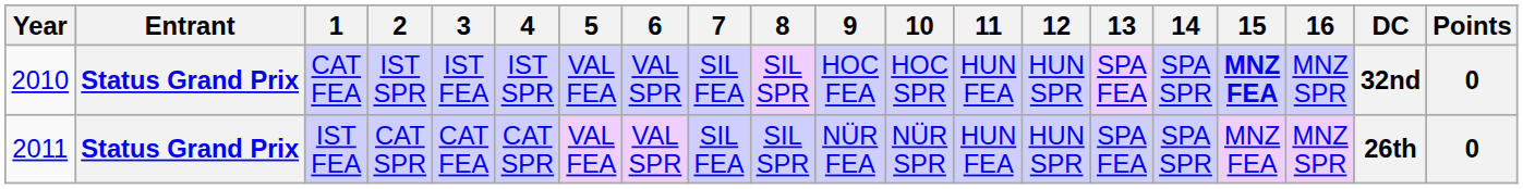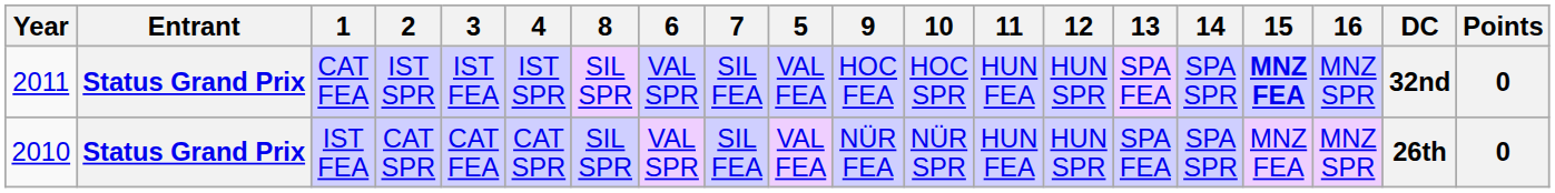 <table class="wikitable" style="text-align:center; font-size:85%">
 <tr>
 <th>Year</th>
 <th>Entrant</th>
 <th>1</th>
 <th>2</th>
 <th>3</th>
 <th>4</th>
-<th>5</th>
+<th>8</th>
 <th>6</th>
 <th>7</th>
-<th>8</th>
+<th>5</th>
 <th>9</th>
 <th>10</th>
 <th>11</th>
 <th>12</th>
 <th>13</th>
 <th>14</th>
 <th>15</th>
 <th>16</th>
 <th>DC</th>
 <th>Points</th>
 </tr>
 <tr>
-<td><a href='#'>2010</a></td>
+<td><a href='#'>2011</a></td>
 <th nowrap><a href='#'>Status Grand Prix</a></th>
 <td style="background:#CFCFFF;"><a href='#'>CAT<br>FEA</a><br></td>
 <td style="background:#cfcfff;"><a href='#'>IST<br>SPR</a><br></td>
 <td style="background:#CFCFFF;"><a href='#'>IST<br>FEA</a><br></td>
 <td style="background:#CFCFFF;"><a href='#'>IST<br>SPR</a><br></td>
-<td style="background:#CFCFFF;"><a href='#'>VAL<br>FEA</a><br></td>
+<td style="background:#efcfff;"><a href='#'>SIL<br>SPR</a><br></td>
 <td style="background:#CFCFFF;"><a href='#'>VAL<br>SPR</a><br></td>
 <td style="background:#CFCFFF;"><a href='#'>SIL<br>FEA</a><br></td>
-<td style="background:#efcfff;"><a href='#'>SIL<br>SPR</a><br></td>
+<td style="background:#CFCFFF;"><a href='#'>VAL<br>FEA</a><br></td>
 <td style="background:#CFCFFF;"><a href='#'>HOC<br>FEA</a><br></td>
 <td style="background:#CFCFFF;"><a href='#'>HOC<br>SPR</a><br></td>
 <td style="background:#CFCFFF;"><a href='#'>HUN<br>FEA</a><br></td>
 <td style="background:#CFCFFF;"><a href='#'>HUN<br>SPR</a><br></td>
 <td style="background:#efcfff;"><a href='#'>SPA<br>FEA</a><br></td>
 <td style="background:#CFCFFF;"><a href='#'>SPA<br>SPR</a><br></td>
 <td style="background:#CFCFFF;"><strong><a href='#'>MNZ<br>FEA</a><br></strong></td>
 <td style="background:#CFCFFF;"><a href='#'>MNZ<br>SPR</a><br></td>
 <th>32nd</th>
 <th>0</th>
 </tr>
 <tr>
-<td><a href='#'>2011</a></td>
+<td><a href='#'>2010</a></td>
 <th nowrap><a href='#'>Status Grand Prix</a></th>
 <td style="background:#CFCFFF;"><a href='#'>IST<br>FEA</a><br></td>
 <td style="background:#CFCFFF;"><a href='#'>CAT<br>SPR</a><br></td>
 <td style="background:#cfcfff;"><a href='#'>CAT<br>FEA</a><br></td>
 <td style="background:#cfcfff;"><a href='#'>CAT<br>SPR</a><br></td>
-<td style="background:#efcfff;"><a href='#'>VAL<br>FEA</a><br></td>
+<td style="background:#CFCFFF;"><a href='#'>SIL<br>SPR</a><br></td>
 <td style="background:#efcfff;"><a href='#'>VAL<br>SPR</a><br></td>
 <td style="background:#CFCFFF;"><a href='#'>SIL<br>FEA</a><br></td>
-<td style="background:#CFCFFF;"><a href='#'>SIL<br>SPR</a><br></td>
+<td style="background:#efcfff;"><a href='#'>VAL<br>FEA</a><br></td>
 <td style="background:#CFCFFF;"><a href='#'>NÜR<br>FEA</a><br></td>
 <td style="background:#CFCFFF;"><a href='#'>NÜR<br>SPR</a><br></td>
 <td style="background:#CFCFFF;"><a href='#'>HUN<br>FEA</a><br></td>
 <td style="background:#CFCFFF;"><a href='#'>HUN<br>SPR</a><br></td>
 <td style="background:#CFCFFF;"><a href='#'>SPA<br>FEA</a><br></td>
 <td style="background:#CFCFFF;"><a href='#'>SPA<br>SPR</a><br></td>
 <td style="background:#efcfff;"><a href='#'>MNZ<br>FEA</a><br></td>
 <td style="background:#efcfff;"><a href='#'>MNZ<br>SPR</a><br></td>
 <th>26th</th>
 <th>0</th>
 </tr>
 </table>
